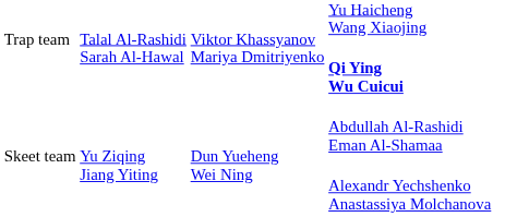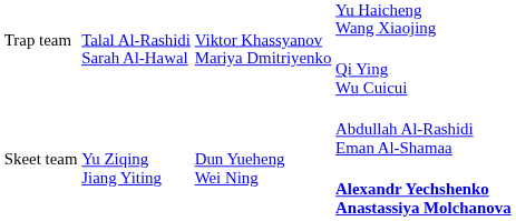 <table>
 <tr>
 <td rowspan=2>Trap team</td>
 <td rowspan=2><br><a href='#'>Talal Al-Rashidi</a><br><a href='#'>Sarah Al-Hawal</a></td>
 <td rowspan=2><br><a href='#'>Viktor Khassyanov</a><br><a href='#'>Mariya Dmitriyenko</a></td>
 <td><br><a href='#'>Yu Haicheng</a><br><a href='#'>Wang Xiaojing</a></td>
 </tr>
 <tr>
-<td><strong><br><a href='#'>Qi Ying</a><br><a href='#'>Wu Cuicui</a></strong></td>
+<td><br><a href='#'>Qi Ying</a><br><a href='#'>Wu Cuicui</a></td>
 </tr>
 <tr>
 <td rowspan=2>Skeet team</td>
 <td rowspan=2><br><a href='#'>Yu Ziqing</a><br><a href='#'>Jiang Yiting</a></td>
 <td rowspan=2><br><a href='#'>Dun Yueheng</a><br><a href='#'>Wei Ning</a></td>
 <td><br><a href='#'>Abdullah Al-Rashidi</a><br><a href='#'>Eman Al-Shamaa</a></td>
 </tr>
 <tr>
-<td><br><a href='#'>Alexandr Yechshenko</a><br><a href='#'>Anastassiya Molchanova</a></td>
+<td><strong><br><a href='#'>Alexandr Yechshenko</a><br><a href='#'>Anastassiya Molchanova</a></strong></td>
 </tr>
 </table>
